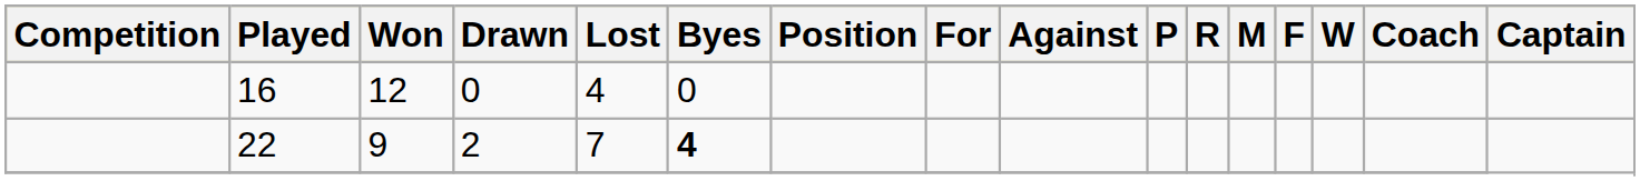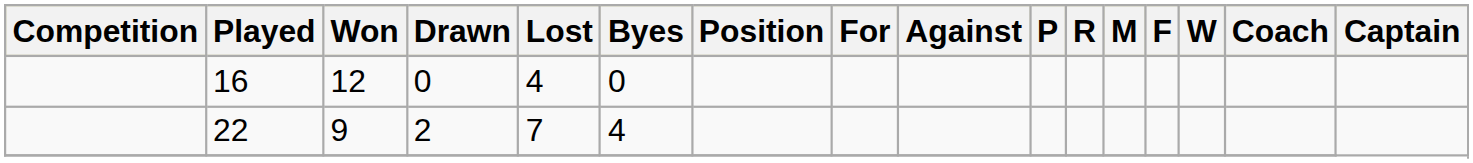 <table class="wikitable" width="100%" style="font-size:90%">
 <tr bgcolor=#bdb76b>
 <th>Competition</th>
 <th>Played</th>
 <th>Won</th>
 <th>Drawn</th>
 <th>Lost</th>
 <th>Byes</th>
 <th>Position</th>
 <th>For</th>
 <th>Against</th>
 <th width="2%">P</th>
 <th width="2%">R</th>
 <th width="2%">M</th>
 <th width="2%">F</th>
 <th width="2%">W</th>
 <th>Coach</th>
 <th>Captain</th>
 </tr>
 <tr>
 <td></td>
 <td>16</td>
 <td>12</td>
 <td>0</td>
 <td>4</td>
 <td>0</td>
 <td></td>
 <td></td>
 <td></td>
 <td></td>
 <td></td>
 <td></td>
 <td></td>
 <td></td>
 <td rowspan="1"></td>
 <td></td>
 </tr>
 <tr>
 <td></td>
 <td>22</td>
 <td>9</td>
 <td>2</td>
 <td>7</td>
-<td><strong>4</strong></td>
+<td>4</td>
 <td></td>
 <td></td>
 <td></td>
 <td></td>
 <td></td>
 <td></td>
 <td></td>
 <td></td>
 <td rowspan="1"></td>
 <td rowspan="2"></td>
 </tr>
 <tr>
 </tr>
 </table>
